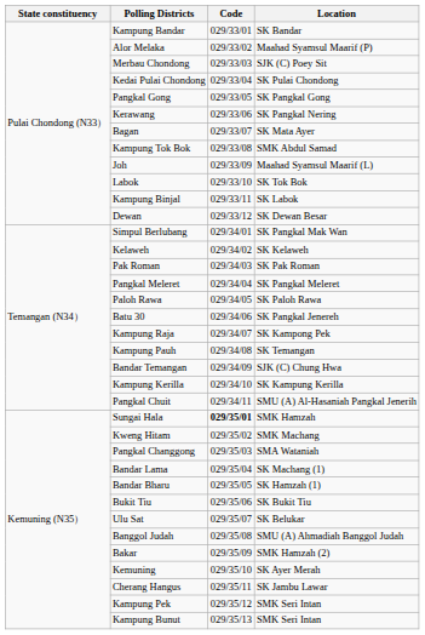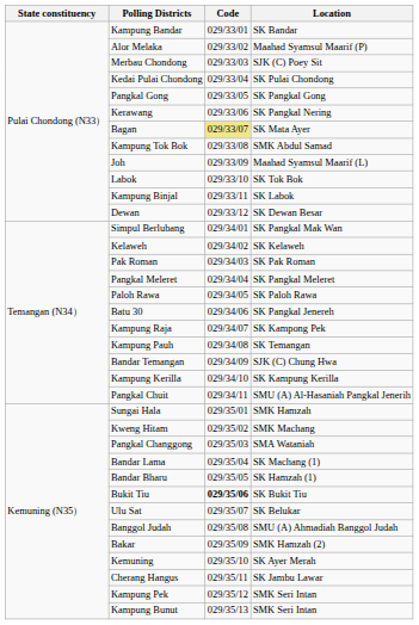 <table class="wikitable sortable mw-collapsible" style="white-space:nowrap;font-size:85%">
 <tr>
 <th>State constituency</th>
 <th>Polling Districts</th>
 <th>Code</th>
 <th>Location</th>
 </tr>
 <tr>
 <td rowspan="12">Pulai Chondong (N33）</td>
 <td>Kampung Bandar</td>
 <td>029/33/01</td>
 <td>SK Bandar</td>
 </tr>
 <tr>
 <td>Alor Melaka</td>
 <td>029/33/02</td>
 <td>Maahad Syamsul Maarif (P)</td>
 </tr>
 <tr>
 <td>Merbau Chondong</td>
 <td>029/33/03</td>
 <td>SJK (C) Poey Sit</td>
 </tr>
 <tr>
 <td>Kedai Pulai Chondong</td>
 <td>029/33/04</td>
 <td>SK Pulai Chondong</td>
 </tr>
 <tr>
 <td>Pangkal Gong</td>
 <td>029/33/05</td>
 <td>SK Pangkal Gong</td>
 </tr>
 <tr>
 <td>Kerawang</td>
 <td>029/33/06</td>
 <td>SK Pangkal Nering</td>
 </tr>
 <tr>
 <td>Bagan</td>
-<td>029/33/07</td>
+<td style="background: khaki;">029/33/07</td>
 <td>SK Mata Ayer</td>
 </tr>
 <tr>
 <td>Kampung Tok Bok</td>
 <td>029/33/08</td>
 <td>SMK Abdul Samad</td>
 </tr>
 <tr>
 <td>Joh</td>
 <td>029/33/09</td>
 <td>Maahad Syamsul Maarif (L)</td>
 </tr>
 <tr>
 <td>Labok</td>
 <td>029/33/10</td>
 <td>SK  Tok Bok</td>
 </tr>
 <tr>
 <td>Kampung Binjal</td>
 <td>029/33/11</td>
 <td>SK Labok</td>
 </tr>
 <tr>
 <td>Dewan</td>
 <td>029/33/12</td>
 <td>SK Dewan Besar</td>
 </tr>
 <tr>
 <td rowspan="11">Temangan (N34）</td>
 <td>Simpul Berlubang</td>
 <td>029/34/01</td>
 <td>SK Pangkal Mak Wan</td>
 </tr>
 <tr>
 <td>Kelaweh</td>
 <td>029/34/02</td>
 <td>SK Kelaweh</td>
 </tr>
 <tr>
 <td>Pak Roman</td>
 <td>029/34/03</td>
 <td>SK Pak Roman</td>
 </tr>
 <tr>
 <td>Pangkal Meleret</td>
 <td>029/34/04</td>
 <td>SK Pangkal Meleret</td>
 </tr>
 <tr>
 <td>Paloh Rawa</td>
 <td>029/34/05</td>
 <td>SK Paloh Rawa</td>
 </tr>
 <tr>
 <td>Batu 30</td>
 <td>029/34/06</td>
 <td>SK Pangkal Jenereh</td>
 </tr>
 <tr>
 <td>Kampung Raja</td>
 <td>029/34/07</td>
 <td>SK Kampong Pek</td>
 </tr>
 <tr>
 <td>Kampung Pauh</td>
 <td>029/34/08</td>
 <td>SK Temangan</td>
 </tr>
 <tr>
 <td>Bandar Temangan</td>
 <td>029/34/09</td>
 <td>SJK (C) Chung Hwa</td>
 </tr>
 <tr>
 <td>Kampung Kerilla</td>
 <td>029/34/10</td>
 <td>SK Kampung Kerilla</td>
 </tr>
 <tr>
 <td>Pangkal Chuit</td>
 <td>029/34/11</td>
 <td>SMU (A) Al-Hasaniah Pangkal Jenerih</td>
 </tr>
 <tr>
 <td rowspan="13">Kemuning (N35）</td>
 <td>Sungai Hala</td>
-<td><strong>029/35/01</strong></td>
+<td>029/35/01</td>
 <td>SMK Hamzah</td>
 </tr>
 <tr>
 <td>Kweng Hitam</td>
 <td>029/35/02</td>
 <td>SMK Machang</td>
 </tr>
 <tr>
 <td>Pangkal Changgong</td>
 <td>029/35/03</td>
 <td>SMA Wataniah</td>
 </tr>
 <tr>
 <td>Bandar Lama</td>
 <td>029/35/04</td>
 <td>SK Machang (1)</td>
 </tr>
 <tr>
 <td>Bandar Bharu</td>
 <td>029/35/05</td>
 <td>SK Hamzah (1)</td>
 </tr>
 <tr>
 <td>Bukit Tiu</td>
-<td>029/35/06</td>
+<td><strong>029/35/06</strong></td>
 <td>SK Bukit Tiu</td>
 </tr>
 <tr>
 <td>Ulu Sat</td>
 <td>029/35/07</td>
 <td>SK Belukar</td>
 </tr>
 <tr>
 <td>Banggol Judah</td>
 <td>029/35/08</td>
 <td>SMU (A) Ahmadiah Banggol Judah</td>
 </tr>
 <tr>
 <td>Bakar</td>
 <td>029/35/09</td>
 <td>SMK Hamzah (2)</td>
 </tr>
 <tr>
 <td>Kemuning</td>
 <td>029/35/10</td>
 <td>SK Ayer Merah</td>
 </tr>
 <tr>
 <td>Cherang Hangus</td>
 <td>029/35/11</td>
 <td>SK Jambu Lawar</td>
 </tr>
 <tr>
 <td>Kampung Pek</td>
 <td>029/35/12</td>
 <td>SMK Seri Intan</td>
 </tr>
 <tr>
 <td>Kampung Bunut</td>
 <td>029/35/13</td>
 <td>SMK Seri Intan</td>
 </tr>
 </table>
